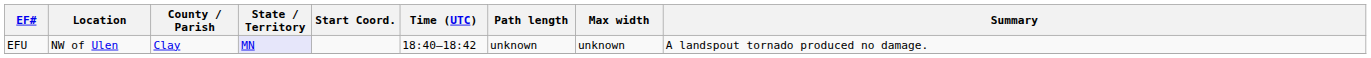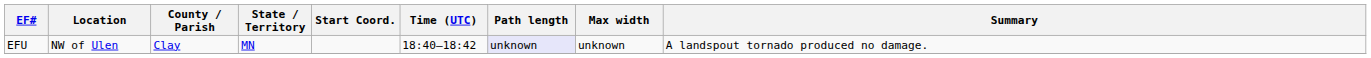 <table class="wikitable sortable" style="width:100%;">
 <tr>
 <th scope="col"  style="width:3%; text-align:center;"><a href='#'>EF#</a></th>
 <th scope="col"  style="width:7%; text-align:center;" class="unsortable">Location</th>
 <th scope="col"  style="width:6%; text-align:center;" class="unsortable">County / Parish</th>
 <th scope="col"  style="width:5%; text-align:center;">State / Territory</th>
 <th scope="col"  style="width:6%; text-align:center;">Start Coord.</th>
 <th scope="col"  style="width:6%; text-align:center;">Time (<a href='#'>UTC</a>)</th>
 <th scope="col"  style="width:6%; text-align:center;">Path length</th>
 <th scope="col"  style="width:6%; text-align:center;">Max width</th>
 <th scope="col" class="unsortable" style="width:48%; text-align:center;">Summary</th>
 </tr>
 <tr>
 <td>EFU</td>
 <td>NW of <a href='#'>Ulen</a></td>
 <td><a href='#'>Clay</a></td>
-<td style="background: lavender;"><a href='#'>MN</a></td>
+<td><a href='#'>MN</a></td>
 <td></td>
 <td>18:40–18:42</td>
-<td>unknown</td>
+<td style="background: lavender;">unknown</td>
 <td>unknown</td>
 <td>A landspout tornado produced no damage.</td>
 </tr>
 <tr>
 </tr>
 </table>
